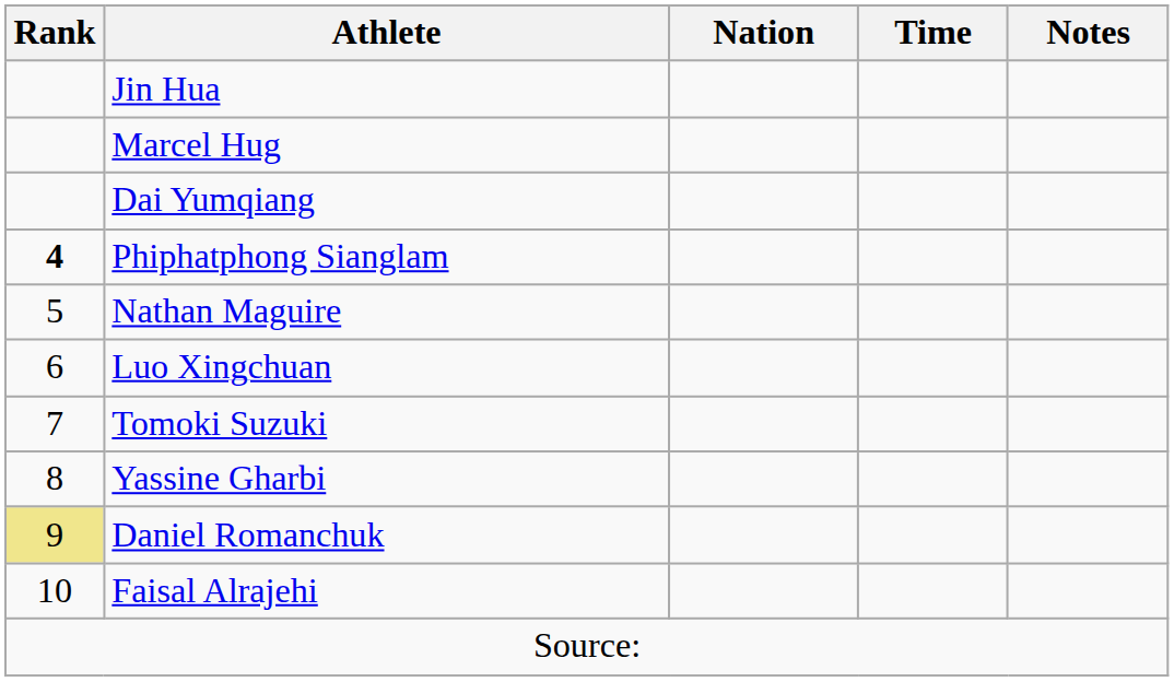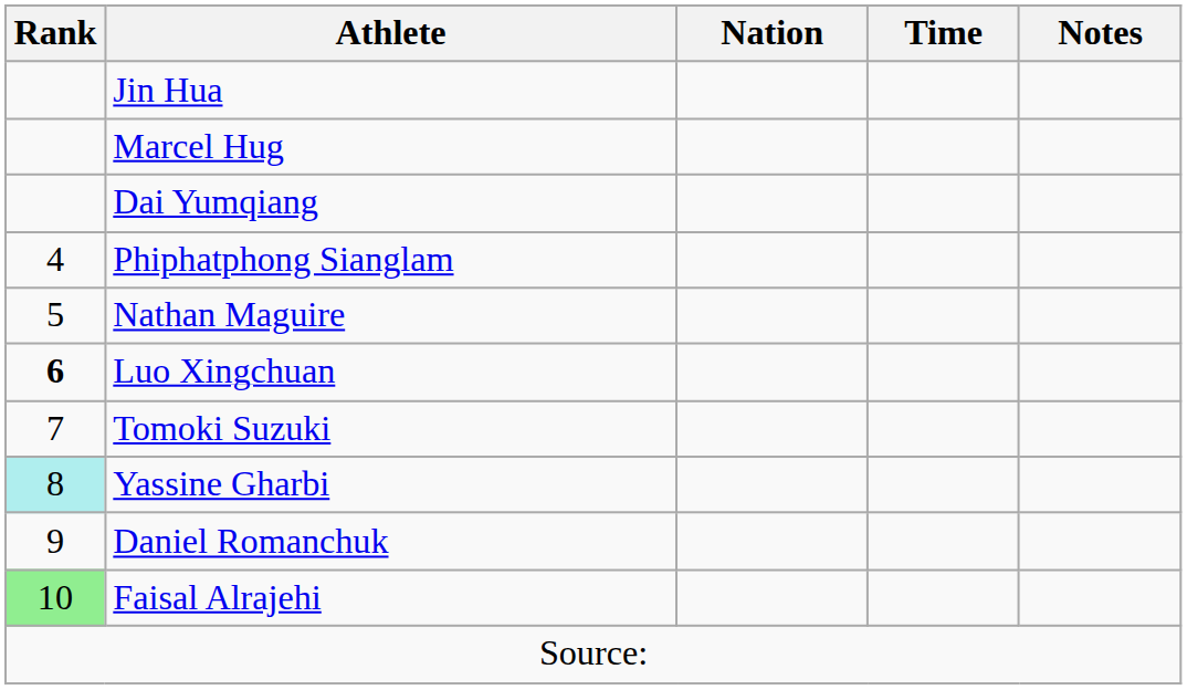 <table class="wikitable sortable" style="text-align:center;width: 60%;">
 <tr>
 <th scope="col" style="width: 10px;">Rank</th>
 <th scope="col">Athlete</th>
 <th scope="col">Nation</th>
 <th scope="col">Time</th>
 <th scope="col">Notes</th>
 </tr>
 <tr>
 <td></td>
 <td align=left><a href='#'>Jin Hua</a></td>
 <td align=left></td>
 <td></td>
 <td></td>
 </tr>
 <tr>
 <td></td>
 <td align=left><a href='#'>Marcel Hug</a></td>
 <td align=left></td>
 <td></td>
 <td></td>
 </tr>
 <tr>
 <td></td>
 <td align=left><a href='#'>Dai Yumqiang</a></td>
 <td align=left></td>
 <td></td>
 <td></td>
 </tr>
 <tr>
-<td><strong>4</strong></td>
+<td>4</td>
 <td align=left><a href='#'>Phiphatphong Sianglam</a></td>
 <td align=left></td>
 <td></td>
 <td></td>
 </tr>
 <tr>
 <td>5</td>
 <td align=left><a href='#'>Nathan Maguire</a></td>
 <td align=left></td>
 <td></td>
 <td></td>
 </tr>
 <tr>
-<td>6</td>
+<td><strong>6</strong></td>
 <td align=left><a href='#'>Luo Xingchuan</a></td>
 <td align=left></td>
 <td></td>
 <td></td>
 </tr>
 <tr>
 <td>7</td>
 <td align=left><a href='#'>Tomoki Suzuki</a></td>
 <td align=left></td>
 <td></td>
 <td></td>
 </tr>
 <tr>
-<td>8</td>
+<td style="background: paleturquoise;">8</td>
 <td align=left><a href='#'>Yassine Gharbi</a></td>
 <td align=left></td>
 <td></td>
 <td></td>
 </tr>
 <tr>
-<td style="background: khaki;">9</td>
+<td>9</td>
 <td align=left><a href='#'>Daniel Romanchuk</a></td>
 <td align=left></td>
 <td></td>
 <td></td>
 </tr>
 <tr>
-<td>10</td>
+<td style="background: lightgreen;">10</td>
 <td align=left><a href='#'>Faisal Alrajehi</a></td>
 <td align=left></td>
 <td></td>
 <td></td>
 </tr>
 <tr class="sortbottom">
 <td colspan="5">Source:</td>
 </tr>
 </table>
